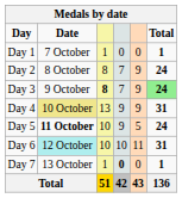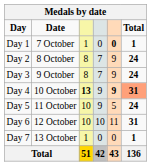 <table class=wikitable style="font-size:85%">
 <tr bgcolor=efefef>
 <th colspan=6>Medals by date</th>
 </tr>
 <tr align=center>
 <td><strong>Day</strong></td>
 <td><strong>Date</strong></td>
 <td bgcolor=#f7f6a8></td>
 <td bgcolor=#dce5e5></td>
 <td bgcolor=#ffdab9></td>
 <td><strong>Total</strong></td>
 </tr>
 <tr align=center>
 <td>Day 1</td>
 <td>7 October</td>
 <td bgcolor=F7F6A8>1</td>
 <td bgcolor=DCE5E5>0</td>
-<td bgcolor=FFDAB9>0</td>
+<td bgcolor=FFDAB9><strong>0</strong></td>
 <td><strong> 1</strong></td>
 </tr>
 <tr align=center>
 <td>Day 2</td>
 <td>8 October</td>
 <td bgcolor=F7F6A8>8</td>
 <td bgcolor=DCE5E5>7</td>
 <td bgcolor=FFDAB9>9</td>
 <td><strong> 24</strong></td>
 </tr>
 <tr align=center>
 <td>Day 3</td>
 <td>9 October</td>
-<td bgcolor=F7F6A8><strong>8</strong></td>
+<td bgcolor=F7F6A8>8</td>
 <td bgcolor=DCE5E5>7</td>
 <td bgcolor=FFDAB9>9</td>
-<td style="background: lightgreen;"><strong> 24</strong></td>
+<td><strong> 24</strong></td>
 </tr>
 <tr align=center>
 <td>Day 4</td>
-<td style="background: khaki;">10 October</td>
-<td bgcolor=F7F6A8>13</td>
+<td>10 October</td>
+<td bgcolor=F7F6A8><strong>13</strong></td>
 <td bgcolor=DCE5E5>9</td>
-<td bgcolor=FFDAB9>9</td>
-<td><strong> 31</strong></td>
+<td bgcolor=FFDAB9><strong>9</strong></td>
+<td style="background: lightsalmon;"><strong> 31</strong></td>
 </tr>
 <tr align=center>
 <td>Day 5</td>
-<td><strong>11 October</strong></td>
+<td>11 October</td>
 <td bgcolor=F7F6A8>10</td>
 <td bgcolor=DCE5E5>9</td>
 <td bgcolor=FFDAB9>5</td>
 <td><strong> 24</strong></td>
 </tr>
 <tr align=center>
 <td>Day 6</td>
-<td style="background: paleturquoise;">12 October</td>
+<td>12 October</td>
 <td bgcolor=F7F6A8>10</td>
 <td bgcolor=DCE5E5>10</td>
 <td bgcolor=FFDAB9>11</td>
 <td><strong> 31</strong></td>
 </tr>
 <tr align=center>
 <td>Day 7</td>
 <td>13 October</td>
 <td bgcolor=F7F6A8>1</td>
-<td bgcolor=DCE5E5><strong>0</strong></td>
+<td bgcolor=DCE5E5>0</td>
 <td bgcolor=FFDAB9>0</td>
 <td><strong> 1</strong></td>
 </tr>
 <tr align=center>
 <th colspan=2>Total</th>
 <th style="background:gold">51</th>
 <th style="background:silver">42</th>
 <th style="background:#FFDAB9">43</th>
 <th>136</th>
 </tr>
 </table>
